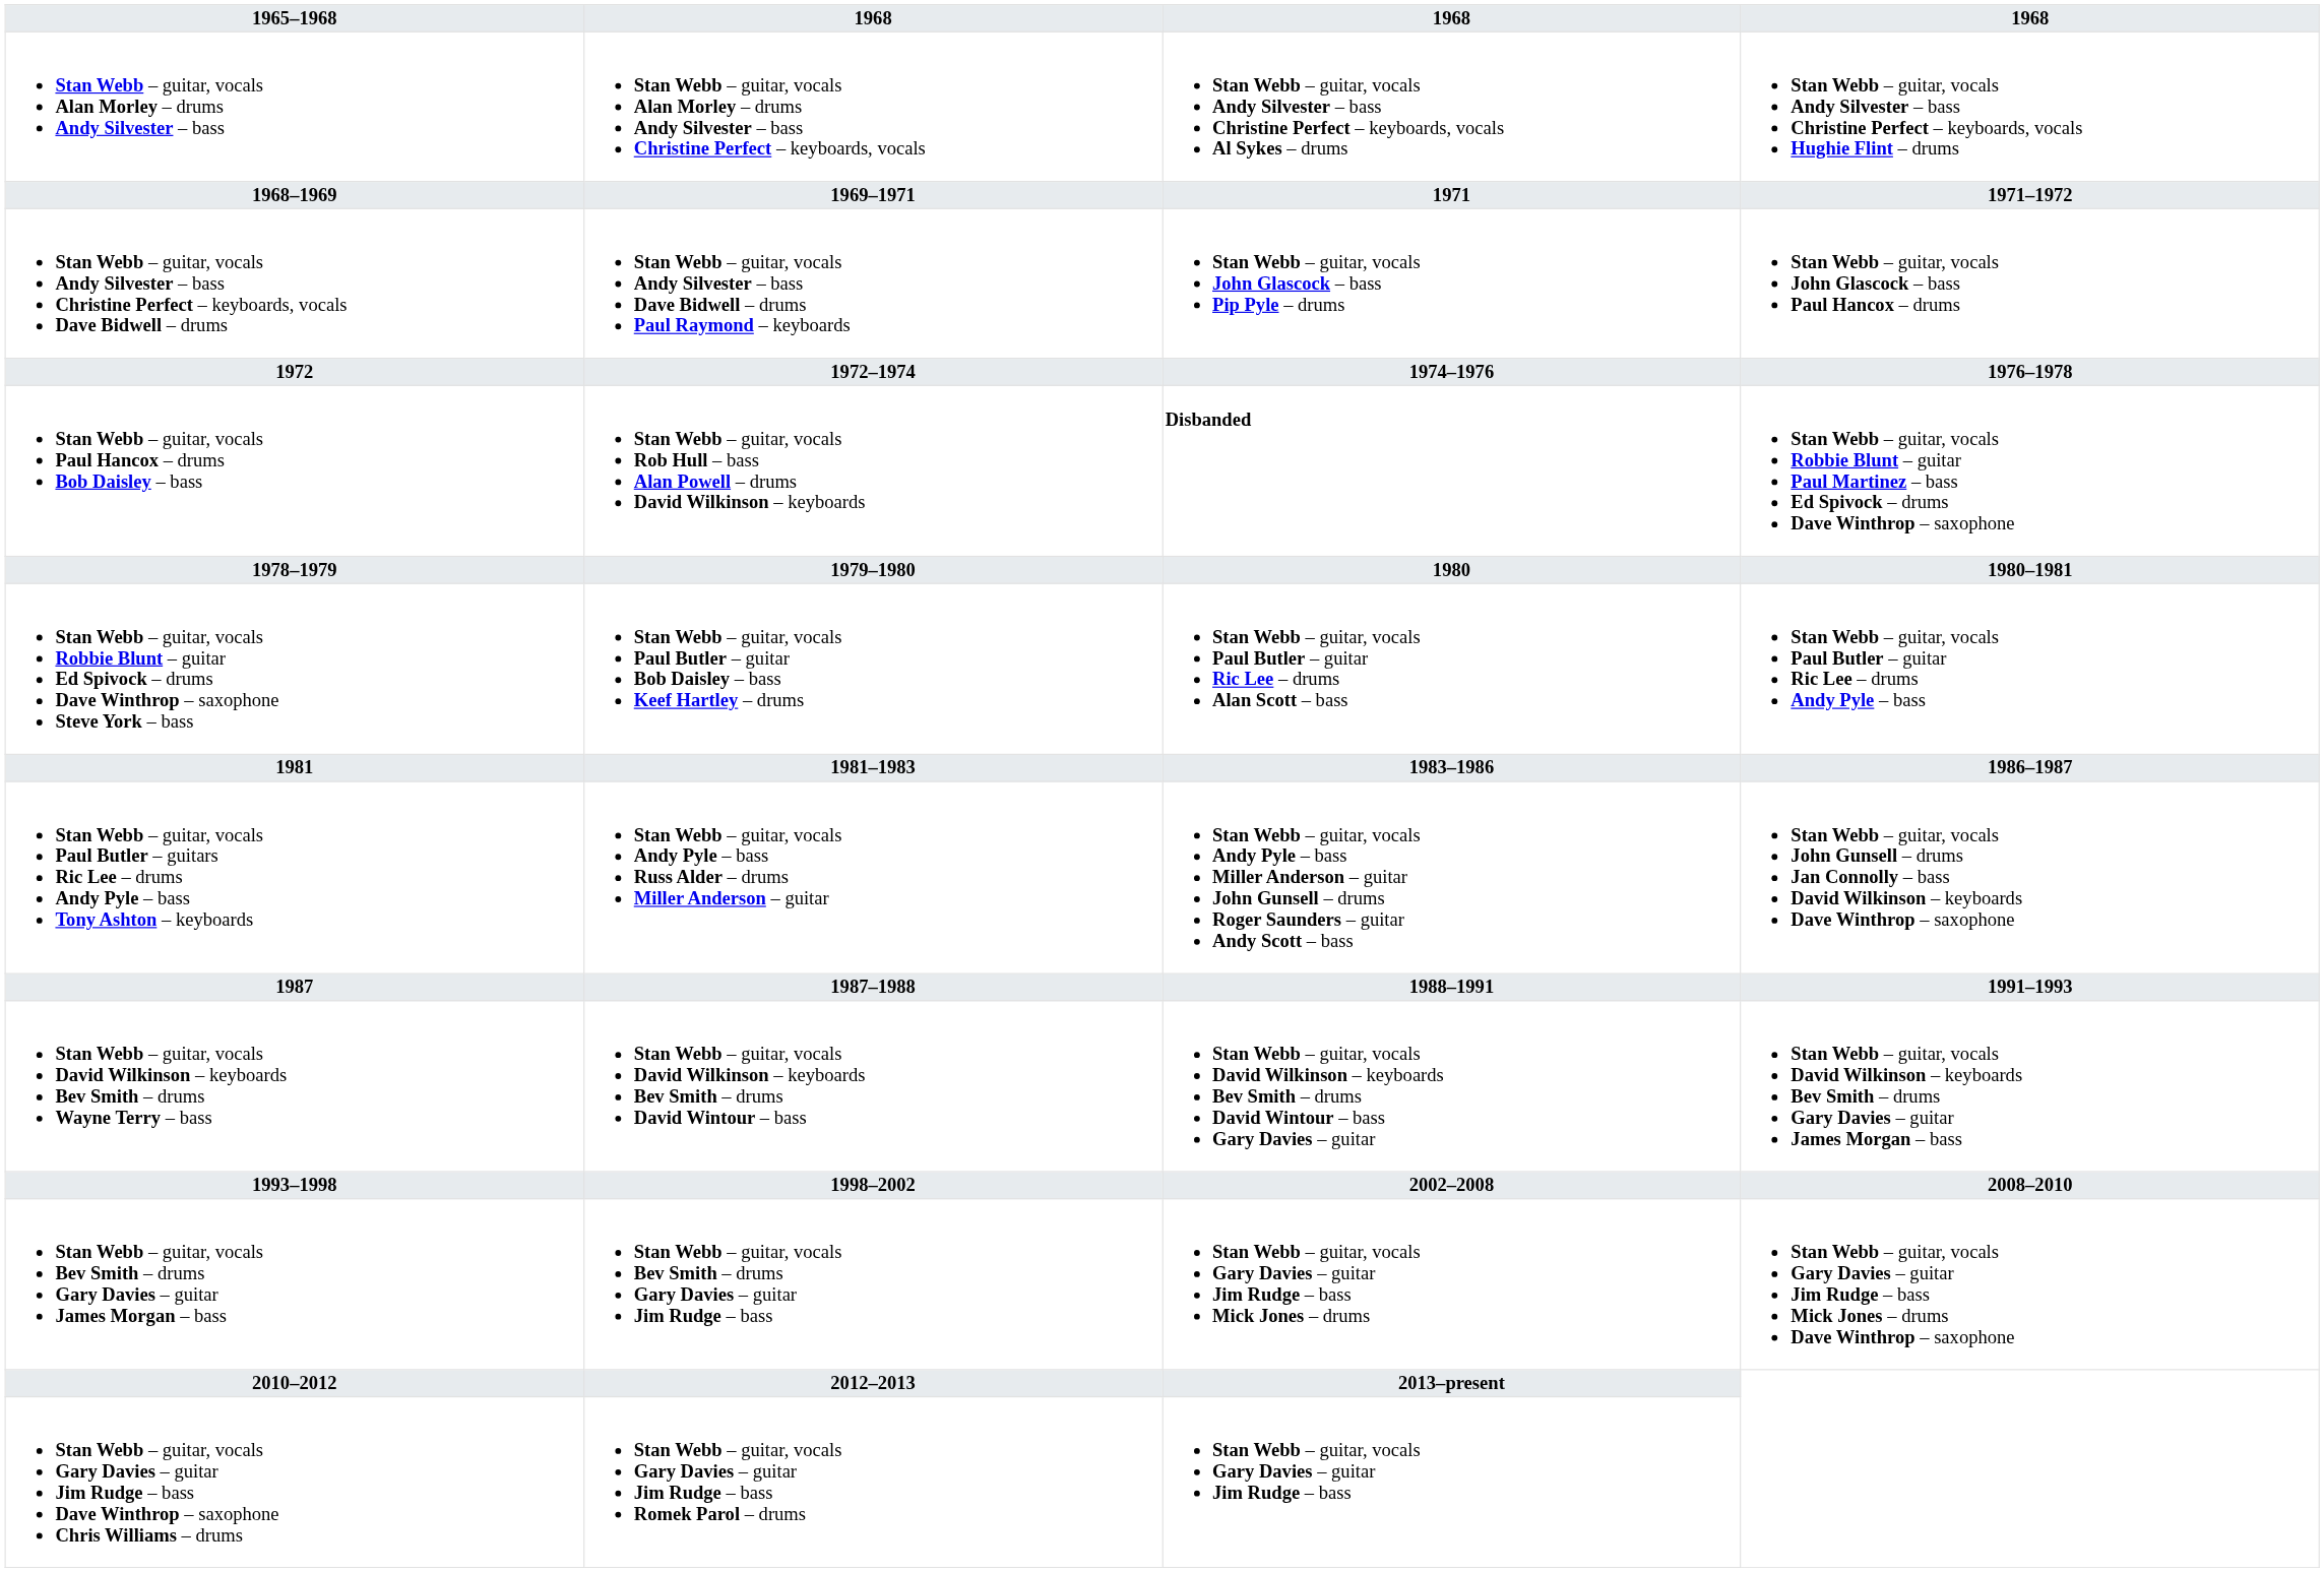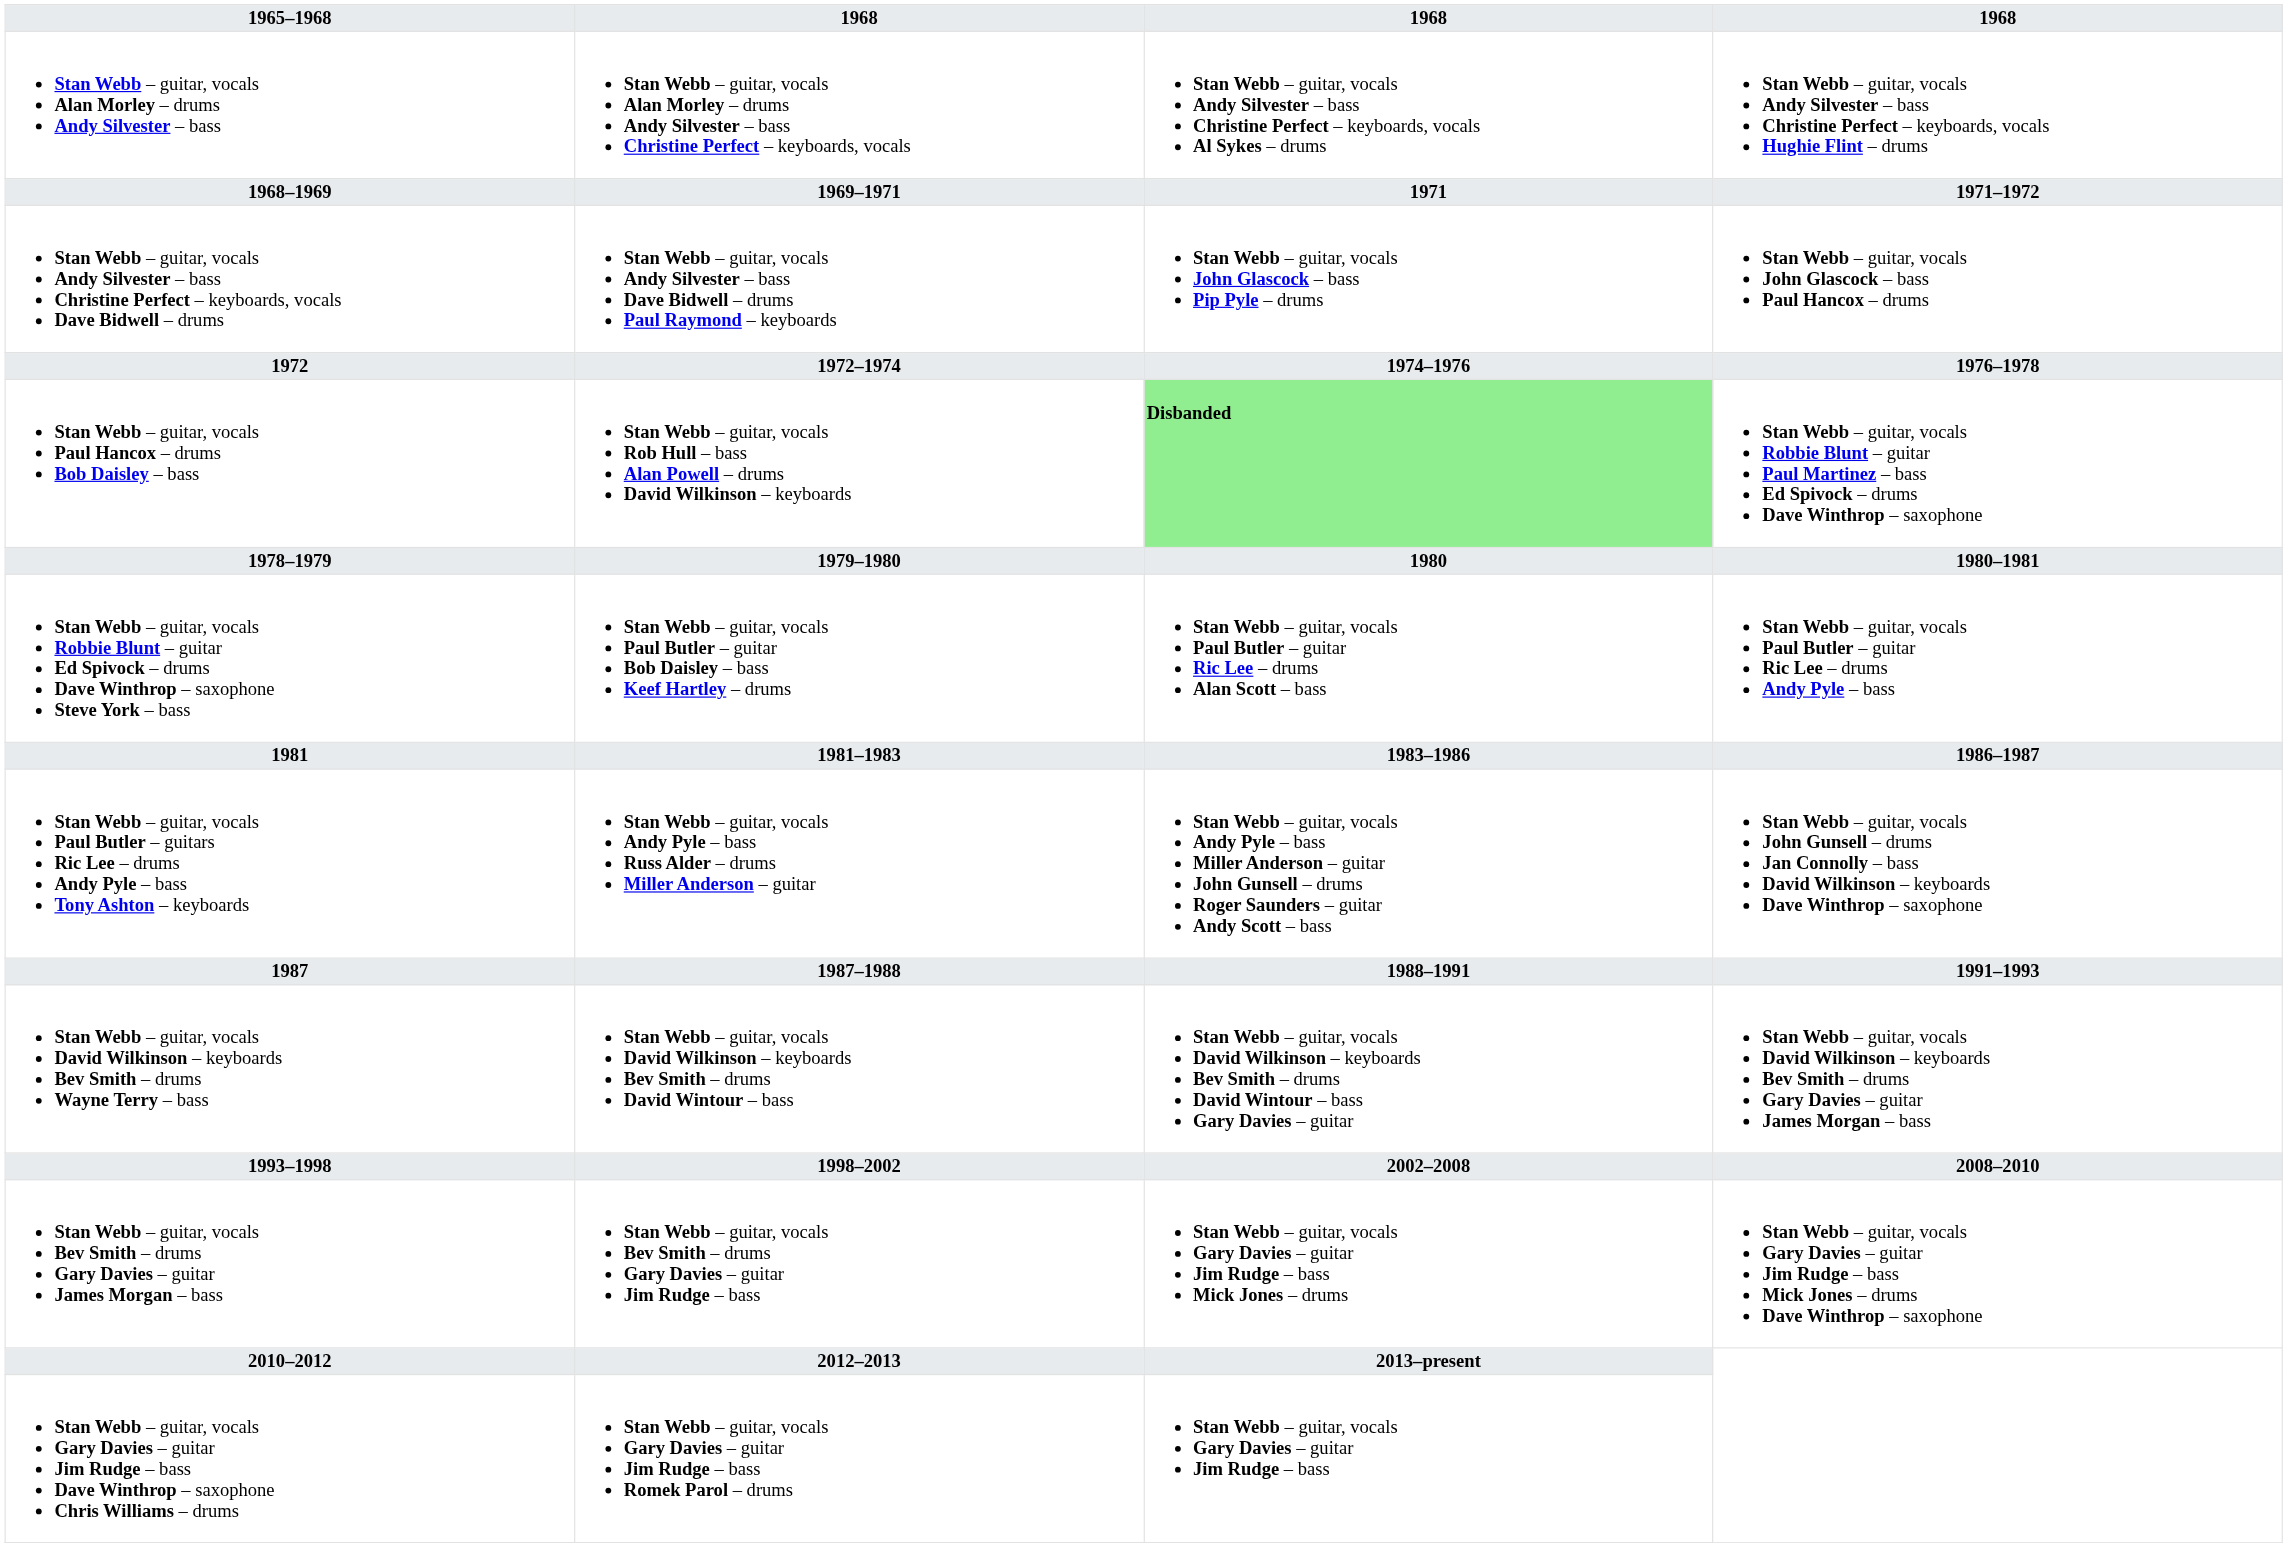 <table class="toccolours" border=1 cellpadding=2 cellspacing=0 style="float: width: 375px; margin: 0 0 1em 1em; border-collapse: collapse; border: 1px solid #E2E2E2;" width=99%>
 <tr>
 <th bgcolor="#E7EBEE" valign=top width=25%>1965–1968</th>
 <th bgcolor="#E7EBEE" valign=top width=25%>1968</th>
 <th bgcolor="#E7EBEE" valign=top width=25%>1968</th>
 <th bgcolor="#E7EBEE" valign=top width=25%>1968</th>
 </tr>
 <tr>
 <td valign=top><br><ul><li><strong><a href='#'>Stan Webb</a></strong>  – guitar, vocals</li><li><strong>Alan Morley</strong>  – drums</li><li><strong><a href='#'>Andy Silvester</a></strong>  – bass</li></ul></td>
 <td valign=top><br><ul><li><strong>Stan Webb</strong>  – guitar, vocals</li><li><strong>Alan Morley</strong>  – drums</li><li><strong>Andy Silvester</strong>  – bass</li><li><strong><a href='#'>Christine Perfect</a></strong>  – keyboards, vocals</li></ul></td>
 <td valign=top><br><ul><li><strong>Stan Webb</strong>  – guitar, vocals</li><li><strong>Andy Silvester</strong>  – bass</li><li><strong>Christine Perfect</strong>  – keyboards, vocals</li><li><strong>Al Sykes</strong>  – drums</li></ul></td>
 <td valign=top><br><ul><li><strong>Stan Webb</strong>  – guitar, vocals</li><li><strong>Andy Silvester</strong>  – bass</li><li><strong>Christine Perfect</strong>  – keyboards, vocals</li><li><strong><a href='#'>Hughie Flint</a></strong>  – drums</li></ul></td>
 </tr>
 <tr>
 <th bgcolor="#E7EBEE" valign=top width=25%>1968–1969</th>
 <th bgcolor="#E7EBEE" valign=top width=25%>1969–1971</th>
 <th bgcolor="#E7EBEE" valign=top width=25%>1971</th>
 <th bgcolor="#E7EBEE" valign=top width=25%>1971–1972</th>
 </tr>
 <tr>
 <td valign=top><br><ul><li><strong>Stan Webb</strong>  – guitar, vocals</li><li><strong>Andy Silvester</strong>  – bass</li><li><strong>Christine Perfect</strong>  – keyboards, vocals</li><li><strong>Dave Bidwell</strong>  – drums</li></ul></td>
 <td valign=top><br><ul><li><strong>Stan Webb</strong>  – guitar, vocals</li><li><strong>Andy Silvester</strong>  – bass</li><li><strong>Dave Bidwell</strong>  – drums</li><li><strong><a href='#'>Paul Raymond</a></strong>  – keyboards</li></ul></td>
 <td valign=top><br><ul><li><strong>Stan Webb</strong>  – guitar, vocals</li><li><strong><a href='#'>John Glascock</a></strong>  – bass</li><li><strong><a href='#'>Pip Pyle</a></strong>  – drums</li></ul></td>
 <td valign=top><br><ul><li><strong>Stan Webb</strong>  – guitar, vocals</li><li><strong>John Glascock</strong>  – bass</li><li><strong>Paul Hancox</strong>  – drums</li></ul></td>
 </tr>
 <tr>
 <th bgcolor="#E7EBEE" valign=top width=25%>1972</th>
 <th bgcolor="#E7EBEE" valign=top width=25%>1972–1974</th>
 <th bgcolor="#E7EBEE" valign=top width=25%>1974–1976</th>
 <th bgcolor="#E7EBEE" valign=top width=25%>1976–1978</th>
 </tr>
 <tr>
 <td valign=top><br><ul><li><strong>Stan Webb</strong>  – guitar, vocals</li><li><strong>Paul Hancox</strong>  – drums</li><li><strong><a href='#'>Bob Daisley</a></strong>  – bass</li></ul></td>
 <td valign=top><br><ul><li><strong>Stan Webb</strong>  – guitar, vocals</li><li><strong>Rob Hull</strong>  – bass</li><li><strong><a href='#'>Alan Powell</a></strong>  – drums</li><li><strong>David Wilkinson</strong>  – keyboards</li></ul></td>
-<td valign=top><br><strong>Disbanded</strong></td>
+<td valign=top style="background: lightgreen;"><br><strong>Disbanded</strong></td>
 <td valign=top><br><ul><li><strong>Stan Webb</strong>  – guitar, vocals</li><li><strong><a href='#'>Robbie Blunt</a></strong>  – guitar</li><li><strong><a href='#'>Paul Martinez</a></strong>  – bass</li><li><strong>Ed Spivock</strong>  – drums</li><li><strong>Dave Winthrop</strong>  – saxophone</li></ul></td>
 </tr>
 <tr>
 <th bgcolor="#E7EBEE" valign=top width=25%>1978–1979</th>
 <th bgcolor="#E7EBEE" valign=top width=25%>1979–1980</th>
 <th bgcolor="#E7EBEE" valign=top width=25%>1980</th>
 <th bgcolor="#E7EBEE" valign=top width=25%>1980–1981</th>
 </tr>
 <tr>
 <td valign=top><br><ul><li><strong>Stan Webb</strong>  – guitar, vocals</li><li><strong><a href='#'>Robbie Blunt</a></strong>  – guitar</li><li><strong>Ed Spivock</strong>  – drums</li><li><strong>Dave Winthrop</strong>  – saxophone</li><li><strong>Steve York</strong>  – bass</li></ul></td>
 <td valign=top><br><ul><li><strong>Stan Webb</strong>  – guitar, vocals</li><li><strong>Paul Butler</strong>  – guitar</li><li><strong>Bob Daisley</strong>  – bass</li><li><strong><a href='#'>Keef Hartley</a></strong>  – drums</li></ul></td>
 <td valign=top><br><ul><li><strong>Stan Webb</strong>  – guitar, vocals</li><li><strong>Paul Butler</strong>  – guitar</li><li><strong><a href='#'>Ric Lee</a></strong>  – drums</li><li><strong>Alan Scott</strong>  – bass</li></ul></td>
 <td valign=top><br><ul><li><strong>Stan Webb</strong>  – guitar, vocals</li><li><strong>Paul Butler</strong>  – guitar</li><li><strong>Ric Lee</strong>  – drums</li><li><strong><a href='#'>Andy Pyle</a></strong>  – bass</li></ul></td>
 </tr>
 <tr>
 <th bgcolor="#E7EBEE" valign=top width=25%>1981</th>
 <th bgcolor="#E7EBEE" valign=top width=25%>1981–1983</th>
 <th bgcolor="#E7EBEE" valign=top width=25%>1983–1986</th>
 <th bgcolor="#E7EBEE" valign=top width=25%>1986–1987</th>
 </tr>
 <tr>
 <td valign=top><br><ul><li><strong>Stan Webb</strong>  – guitar, vocals</li><li><strong>Paul Butler</strong>  – guitars</li><li><strong>Ric Lee</strong>  – drums</li><li><strong>Andy Pyle</strong>  – bass</li><li><strong><a href='#'>Tony Ashton</a></strong>  – keyboards</li></ul></td>
 <td valign=top><br><ul><li><strong>Stan Webb</strong>  – guitar, vocals</li><li><strong>Andy Pyle</strong>  – bass</li><li><strong>Russ Alder</strong>  – drums</li><li><strong><a href='#'>Miller Anderson</a></strong>  – guitar</li></ul></td>
 <td valign=top><br><ul><li><strong>Stan Webb</strong>  – guitar, vocals</li><li><strong>Andy Pyle</strong>  – bass</li><li><strong>Miller Anderson</strong>  – guitar</li><li><strong>John Gunsell</strong>  – drums</li><li><strong>Roger Saunders</strong>  – guitar</li><li><strong>Andy Scott</strong>  – bass</li></ul></td>
 <td valign=top><br><ul><li><strong>Stan Webb</strong>  – guitar, vocals</li><li><strong>John Gunsell</strong>  – drums</li><li><strong>Jan Connolly</strong>  – bass</li><li><strong>David Wilkinson</strong>  – keyboards</li><li><strong>Dave Winthrop</strong>  – saxophone</li></ul></td>
 </tr>
 <tr>
 <th bgcolor="#E7EBEE" valign=top width=25%>1987</th>
 <th bgcolor="#E7EBEE" valign=top width=25%>1987–1988</th>
 <th bgcolor="#E7EBEE" valign=top width=25%>1988–1991</th>
 <th bgcolor="#E7EBEE" valign=top width=25%>1991–1993</th>
 </tr>
 <tr>
 <td valign=top><br><ul><li><strong>Stan Webb</strong>  – guitar, vocals</li><li><strong>David Wilkinson</strong>  – keyboards</li><li><strong>Bev Smith</strong>  – drums</li><li><strong>Wayne Terry</strong>  – bass</li></ul></td>
 <td valign=top><br><ul><li><strong>Stan Webb</strong>  – guitar, vocals</li><li><strong>David Wilkinson</strong>  – keyboards</li><li><strong>Bev Smith</strong>  – drums</li><li><strong>David Wintour</strong>  – bass</li></ul></td>
 <td valign=top><br><ul><li><strong>Stan Webb</strong>  – guitar, vocals</li><li><strong>David Wilkinson</strong>  – keyboards</li><li><strong>Bev Smith</strong>  – drums</li><li><strong>David Wintour</strong>  – bass</li><li><strong>Gary Davies</strong>  – guitar</li></ul></td>
 <td valign=top><br><ul><li><strong>Stan Webb</strong>  – guitar, vocals</li><li><strong>David Wilkinson</strong>  – keyboards</li><li><strong>Bev Smith</strong>  – drums</li><li><strong>Gary Davies</strong>  – guitar</li><li><strong>James Morgan</strong>  – bass</li></ul></td>
 </tr>
 <tr>
 <th bgcolor="#E7EBEE" valign=top width=25%>1993–1998</th>
 <th bgcolor="#E7EBEE" valign=top width=25%>1998–2002</th>
 <th bgcolor="#E7EBEE" valign=top width=25%>2002–2008</th>
 <th bgcolor="#E7EBEE" valign=top width=25%>2008–2010</th>
 </tr>
 <tr>
 <td valign=top><br><ul><li><strong>Stan Webb</strong>  – guitar, vocals</li><li><strong>Bev Smith</strong>  – drums</li><li><strong>Gary Davies</strong>  – guitar</li><li><strong>James Morgan</strong>  – bass</li></ul></td>
 <td valign=top><br><ul><li><strong>Stan Webb</strong>  – guitar, vocals</li><li><strong>Bev Smith</strong>  – drums</li><li><strong>Gary Davies</strong>  – guitar</li><li><strong>Jim Rudge</strong>  – bass</li></ul></td>
 <td valign=top><br><ul><li><strong>Stan Webb</strong>  – guitar, vocals</li><li><strong>Gary Davies</strong>  – guitar</li><li><strong>Jim Rudge</strong>  – bass</li><li><strong>Mick Jones</strong>  – drums</li></ul></td>
 <td valign=top><br><ul><li><strong>Stan Webb</strong>  – guitar, vocals</li><li><strong>Gary Davies</strong>  – guitar</li><li><strong>Jim Rudge</strong>  – bass</li><li><strong>Mick Jones</strong>  – drums</li><li><strong>Dave Winthrop</strong>  – saxophone</li></ul></td>
 </tr>
 <tr>
 <th bgcolor="#E7EBEE" valign=top width=25%>2010–2012</th>
 <th bgcolor="#E7EBEE" valign=top width=25%>2012–2013</th>
 <th bgcolor="#E7EBEE" valign=top width=25%>2013–present</th>
 </tr>
 <tr>
 <td valign=top><br><ul><li><strong>Stan Webb</strong>  – guitar, vocals</li><li><strong>Gary Davies</strong>  – guitar</li><li><strong>Jim Rudge</strong>  – bass</li><li><strong>Dave Winthrop</strong>  – saxophone</li><li><strong>Chris Williams</strong>  – drums</li></ul></td>
 <td valign=top><br><ul><li><strong>Stan Webb</strong>  – guitar, vocals</li><li><strong>Gary Davies</strong>  – guitar</li><li><strong>Jim Rudge</strong>  – bass</li><li><strong>Romek Parol</strong>  – drums</li></ul></td>
 <td valign=top><br><ul><li><strong>Stan Webb</strong>  – guitar, vocals</li><li><strong>Gary Davies</strong>  – guitar</li><li><strong>Jim Rudge</strong>  – bass</li></ul></td>
 </tr>
 <tr>
 </tr>
 </table>
